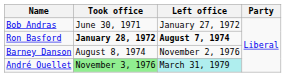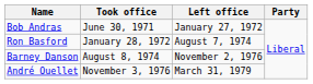 <table class="wikitable">
 <tr>
 <th>Name</th>
 <th>Took office</th>
 <th>Left office</th>
 <th>Party</th>
 </tr>
 <tr>
 <td><a href='#'>Bob Andras</a></td>
 <td>June 30, 1971</td>
 <td>January 27, 1972</td>
 <td rowspan="4"><a href='#'>Liberal</a></td>
 </tr>
 <tr>
 <td><a href='#'>Ron Basford</a></td>
-<td><strong>January 28, 1972</strong></td>
-<td><strong>August 7, 1974</strong></td>
+<td>January 28, 1972</td>
+<td>August 7, 1974</td>
 </tr>
 <tr>
 <td><a href='#'>Barney Danson</a></td>
 <td>August 8, 1974</td>
 <td>November 2, 1976</td>
 </tr>
 <tr>
 <td><a href='#'>André Ouellet</a></td>
-<td style="background: lightgreen;">November 3, 1976</td>
-<td style="background: paleturquoise;">March 31, 1979</td>
+<td>November 3, 1976</td>
+<td>March 31, 1979</td>
 </tr>
 </table>
